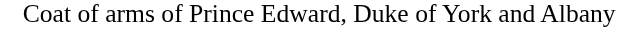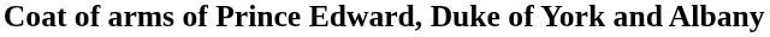 <table border="0" align="center" width="80%">
 <tr>
 <th width=25%></th>
 </tr>
 <tr>
-<td style="text-align: center;">Coat of arms of Prince Edward, Duke of York and Albany</td>
+<td style="text-align: center;"><strong>Coat of arms of Prince Edward, Duke of York and Albany</strong></td>
 </tr>
 </table>
